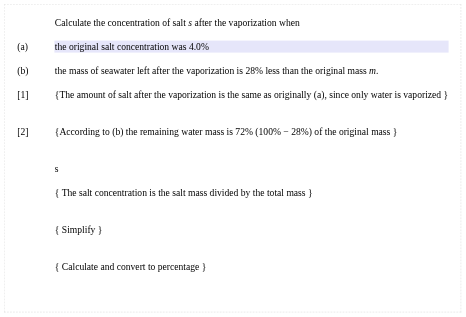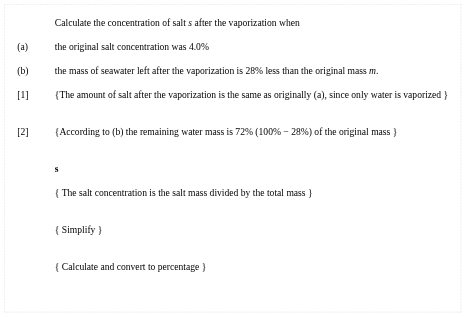 <table style="border:1px dashed #ddd;" cellspacing="20">
 <tr>
 <td></td>
 <td></td>
 <td>Calculate the concentration of salt <em>s</em> after the vaporization when</td>
 </tr>
 <tr>
 <td>(a)</td>
 <td></td>
-<td style="background: lavender;">the original salt concentration was 4.0%</td>
+<td>the original salt concentration was 4.0%</td>
 </tr>
 <tr>
 <td>(b)</td>
 <td></td>
 <td>the mass of seawater left after the vaporization is 28% less than the original mass <em>m</em>.</td>
 </tr>
 <tr>
 <td>[1]</td>
 <td></td>
 <td>{The amount of salt after the vaporization is the same as originally (a), since only water is vaporized }</td>
 </tr>
 <tr>
 <td></td>
 <td></td>
 <td></td>
 </tr>
 <tr>
 <td>[2]</td>
 <td></td>
 <td>{According to (b) the remaining water mass is 72% (100% − 28%) of the original mass }</td>
 </tr>
 <tr>
 <td></td>
 <td></td>
 <td></td>
 </tr>
 <tr>
 <td></td>
 <td></td>
-<td>s</td>
+<td><strong>s</strong></td>
 </tr>
 <tr>
 <td></td>
 <td></td>
 <td>{ The salt concentration is the salt mass divided by the total mass }</td>
 </tr>
 <tr>
 <td></td>
 <td></td>
 <td></td>
 </tr>
 <tr>
 <td></td>
 <td></td>
 <td>{ Simplify }</td>
 </tr>
 <tr>
 <td></td>
 <td></td>
 <td></td>
 </tr>
 <tr>
 <td></td>
 <td></td>
 <td>{ Calculate and convert to percentage }</td>
 </tr>
 <tr>
 <td></td>
 <td></td>
 <td></td>
 </tr>
 <tr>
 <td></td>
 <td></td>
 <td></td>
 </tr>
 </table>
